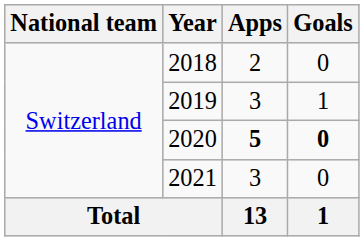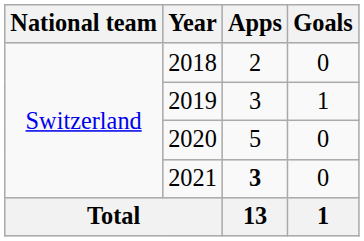 <table class=wikitable style=text-align:center>
 <tr>
 <th>National team</th>
 <th>Year</th>
 <th>Apps</th>
 <th>Goals</th>
 </tr>
 <tr>
 <td rowspan="4"><a href='#'>Switzerland</a></td>
 <td>2018</td>
 <td>2</td>
 <td>0</td>
 </tr>
 <tr>
 <td>2019</td>
 <td>3</td>
 <td>1</td>
 </tr>
 <tr>
 <td>2020</td>
-<td><strong>5</strong></td>
-<td><strong>0</strong></td>
+<td>5</td>
+<td>0</td>
 </tr>
 <tr>
 <td>2021</td>
-<td>3</td>
+<td><strong>3</strong></td>
 <td>0</td>
 </tr>
 <tr>
 <th colspan="2">Total</th>
 <th>13</th>
 <th>1</th>
 </tr>
 </table>
